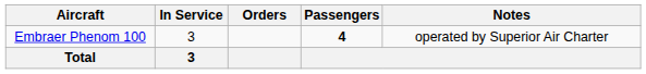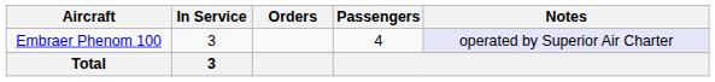 <table class="wikitable" style="margin:auto;text-align:center">
 <tr>
 <th style="width:170px;">Aircraft</th>
 <th style="width:80px;">In Service</th>
 <th style="width:80px;">Orders</th>
 <th style="width:80px;">Passengers</th>
 <th style="width:300px;">Notes</th>
 </tr>
 <tr>
 <td><a href='#'>Embraer Phenom 100</a></td>
 <td>3</td>
 <td></td>
-<td><strong>4</strong></td>
-<td>operated by Superior Air Charter</td>
+<td>4</td>
+<td style="background: lavender;">operated by Superior Air Charter</td>
 </tr>
 <tr>
 <th>Total</th>
 <th>3</th>
 <th></th>
 <th colspan="4"></th>
 </tr>
 </table>
